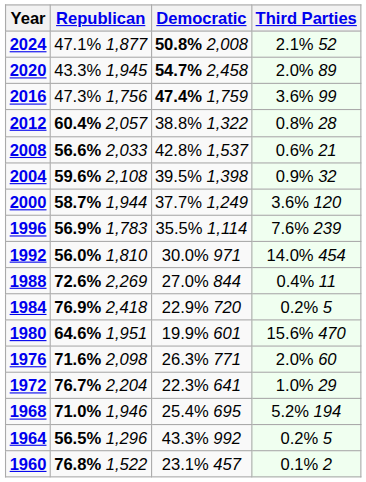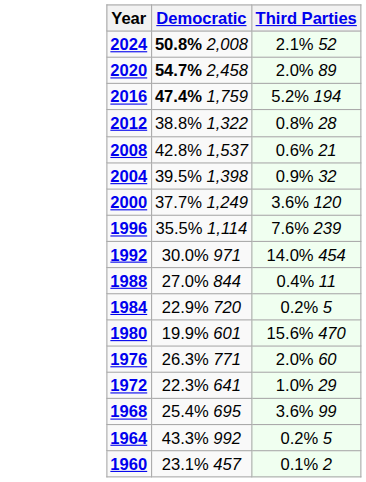 <table class="wikitable" style="float:right; font-size:95%;">
 <tr bgcolor=lightgrey>
 <th>Year</th>
-<th><a href='#'>Republican</a></th>
 <th><a href='#'>Democratic</a></th>
 <th><a href='#'>Third Parties</a></th>
 </tr>
 <tr>
 <td style="text-align:center; "><strong><a href='#'>2024</a></strong></td>
-<td style="text-align:center; ">47.1% <em>1,877</em></td>
 <td style="text-align:center; "><strong>50.8%</strong> <em>2,008</em></td>
 <td style="text-align:center; background:honeyDew;">2.1% <em>52</em></td>
 </tr>
 <tr>
 <td style="text-align:center; "><strong><a href='#'>2020</a></strong></td>
-<td style="text-align:center; ">43.3% <em>1,945</em></td>
 <td style="text-align:center; "><strong>54.7%</strong> <em>2,458</em></td>
 <td style="text-align:center; background:honeyDew;">2.0% <em>89</em></td>
 </tr>
 <tr>
 <td style="text-align:center; "><strong><a href='#'>2016</a></strong></td>
-<td style="text-align:center; ">47.3% <em>1,756</em></td>
 <td style="text-align:center; "><strong>47.4%</strong> <em>1,759</em></td>
-<td style="text-align:center; background:honeyDew;">3.6% <em>99</em></td>
+<td style="text-align:center; background:honeyDew;">5.2% <em>194</em></td>
 </tr>
 <tr>
 <td style="text-align:center; "><strong><a href='#'>2012</a></strong></td>
-<td style="text-align:center; "><strong>60.4%</strong> <em>2,057</em></td>
 <td style="text-align:center; ">38.8% <em>1,322</em></td>
 <td style="text-align:center; background:honeyDew;">0.8% <em>28</em></td>
 </tr>
 <tr>
 <td style="text-align:center; "><strong><a href='#'>2008</a></strong></td>
-<td style="text-align:center; "><strong>56.6%</strong> <em>2,033</em></td>
 <td style="text-align:center; ">42.8% <em>1,537</em></td>
 <td style="text-align:center; background:honeyDew;">0.6% <em>21</em></td>
 </tr>
 <tr>
 <td style="text-align:center; "><strong><a href='#'>2004</a></strong></td>
-<td style="text-align:center; "><strong>59.6%</strong> <em>2,108</em></td>
 <td style="text-align:center; ">39.5% <em>1,398</em></td>
 <td style="text-align:center; background:honeyDew;">0.9% <em>32</em></td>
 </tr>
 <tr>
 <td style="text-align:center; "><strong><a href='#'>2000</a></strong></td>
-<td style="text-align:center; "><strong>58.7%</strong> <em>1,944</em></td>
 <td style="text-align:center; ">37.7% <em>1,249</em></td>
 <td style="text-align:center; background:honeyDew;">3.6% <em>120</em></td>
 </tr>
 <tr>
 <td style="text-align:center; "><strong><a href='#'>1996</a></strong></td>
-<td style="text-align:center; "><strong>56.9%</strong> <em>1,783</em></td>
 <td style="text-align:center; ">35.5% <em>1,114</em></td>
 <td style="text-align:center; background:honeyDew;">7.6% <em>239</em></td>
 </tr>
 <tr>
 <td style="text-align:center; "><strong><a href='#'>1992</a></strong></td>
-<td style="text-align:center; "><strong>56.0%</strong> <em>1,810</em></td>
 <td style="text-align:center; ">30.0% <em>971</em></td>
 <td style="text-align:center; background:honeyDew;">14.0% <em>454</em></td>
 </tr>
 <tr>
 <td style="text-align:center; "><strong><a href='#'>1988</a></strong></td>
-<td style="text-align:center; "><strong>72.6%</strong> <em>2,269</em></td>
 <td style="text-align:center; ">27.0% <em>844</em></td>
 <td style="text-align:center; background:honeyDew;">0.4% <em>11</em></td>
 </tr>
 <tr>
 <td style="text-align:center; "><strong><a href='#'>1984</a></strong></td>
-<td style="text-align:center; "><strong>76.9%</strong> <em>2,418</em></td>
 <td style="text-align:center; ">22.9% <em>720</em></td>
 <td style="text-align:center; background:honeyDew;">0.2% <em>5</em></td>
 </tr>
 <tr>
 <td style="text-align:center; "><strong><a href='#'>1980</a></strong></td>
-<td style="text-align:center; "><strong>64.6%</strong> <em>1,951</em></td>
 <td style="text-align:center; ">19.9% <em>601</em></td>
 <td style="text-align:center; background:honeyDew;">15.6% <em>470</em></td>
 </tr>
 <tr>
 <td style="text-align:center; "><strong><a href='#'>1976</a></strong></td>
-<td style="text-align:center; "><strong>71.6%</strong> <em>2,098</em></td>
 <td style="text-align:center; ">26.3% <em>771</em></td>
 <td style="text-align:center; background:honeyDew;">2.0% <em>60</em></td>
 </tr>
 <tr>
 <td style="text-align:center; "><strong><a href='#'>1972</a></strong></td>
-<td style="text-align:center; "><strong>76.7%</strong> <em>2,204</em></td>
 <td style="text-align:center; ">22.3% <em>641</em></td>
 <td style="text-align:center; background:honeyDew;">1.0% <em>29</em></td>
 </tr>
 <tr>
 <td style="text-align:center; "><strong><a href='#'>1968</a></strong></td>
-<td style="text-align:center; "><strong>71.0%</strong> <em>1,946</em></td>
 <td style="text-align:center; ">25.4% <em>695</em></td>
-<td style="text-align:center; background:honeyDew;">5.2% <em>194</em></td>
+<td style="text-align:center; background:honeyDew;">3.6% <em>99</em></td>
 </tr>
 <tr>
 <td style="text-align:center; "><strong><a href='#'>1964</a></strong></td>
-<td style="text-align:center; "><strong>56.5%</strong> <em>1,296</em></td>
 <td style="text-align:center; ">43.3% <em>992</em></td>
 <td style="text-align:center; background:honeyDew;">0.2% <em>5</em></td>
 </tr>
 <tr>
 <td style="text-align:center; "><strong><a href='#'>1960</a></strong></td>
-<td style="text-align:center; "><strong>76.8%</strong> <em>1,522</em></td>
 <td style="text-align:center; ">23.1% <em>457</em></td>
 <td style="text-align:center; background:honeyDew;">0.1% <em>2</em></td>
 </tr>
 </table>
